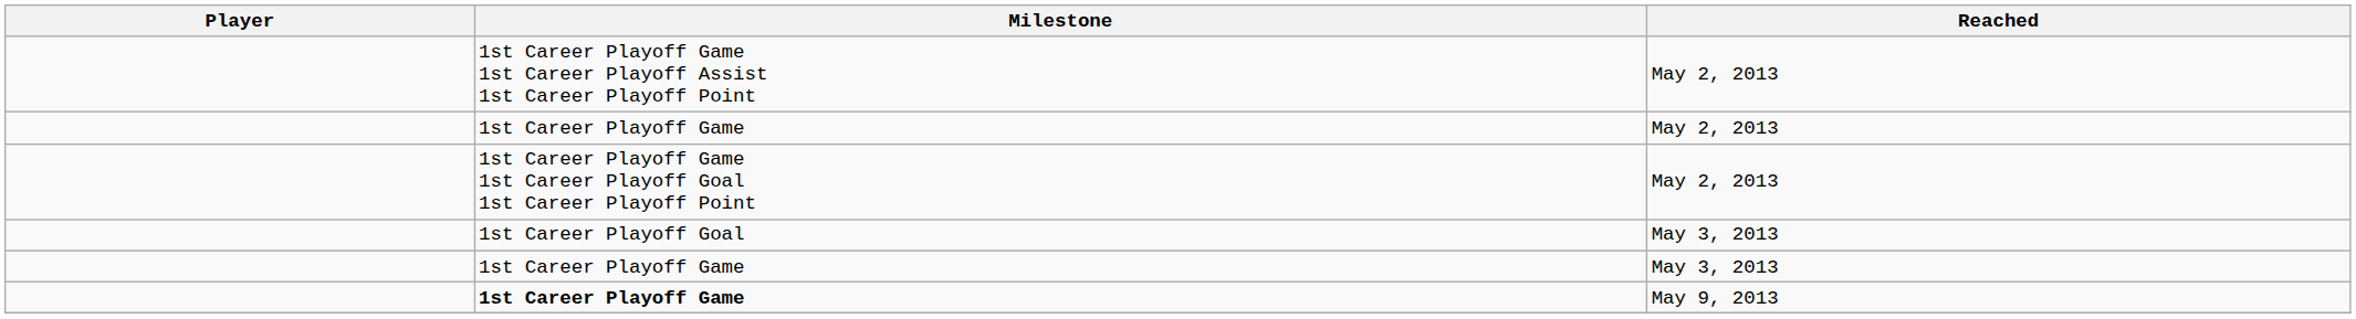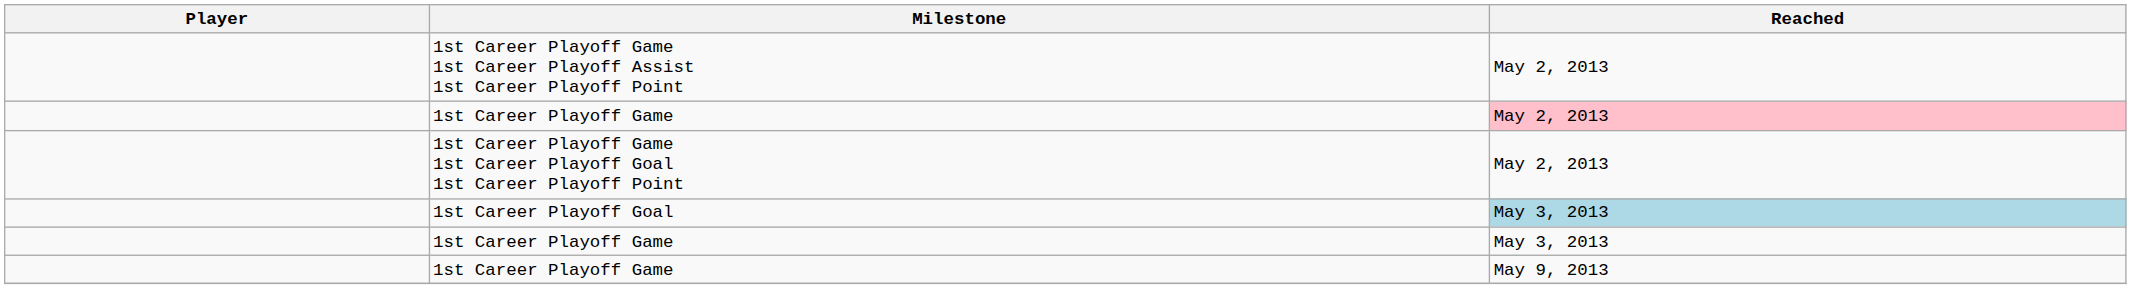 <table class="wikitable sortable" style="width:100%;">
 <tr align=center>
 <th style="width:20%;">Player</th>
 <th style="width:50%;">Milestone</th>
 <th style="width:30%;" data-sort-type="date">Reached</th>
 </tr>
 <tr>
 <td></td>
 <td>1st Career Playoff Game<br>1st Career Playoff Assist<br>1st Career Playoff Point</td>
 <td>May 2, 2013</td>
 </tr>
 <tr>
 <td></td>
 <td>1st Career Playoff Game</td>
-<td>May 2, 2013</td>
+<td style="background: pink;">May 2, 2013</td>
 </tr>
 <tr>
 <td></td>
 <td>1st Career Playoff Game<br>1st Career Playoff Goal<br>1st Career Playoff Point</td>
 <td>May 2, 2013</td>
 </tr>
 <tr>
 <td></td>
 <td>1st Career Playoff Goal</td>
-<td>May 3, 2013</td>
+<td style="background: lightblue;">May 3, 2013</td>
 </tr>
 <tr>
 <td></td>
 <td>1st Career Playoff Game</td>
 <td>May 3, 2013</td>
 </tr>
 <tr>
 <td></td>
-<td><strong>1st Career Playoff Game</strong></td>
+<td>1st Career Playoff Game</td>
 <td>May 9, 2013</td>
 </tr>
 <tr>
 </tr>
 </table>
